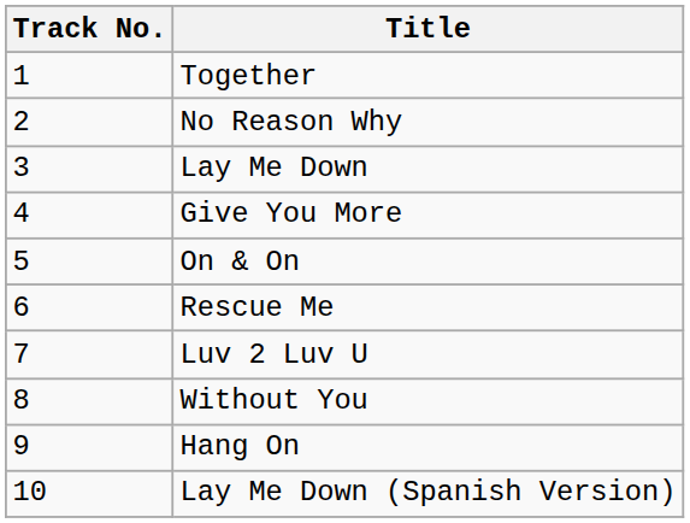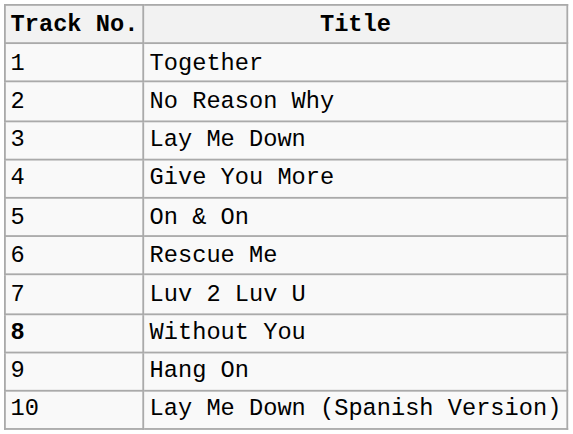 <table class="wikitable">
 <tr>
 <th>Track No.</th>
 <th>Title</th>
 </tr>
 <tr>
 <td>1</td>
 <td>Together</td>
 </tr>
 <tr>
 <td>2</td>
 <td>No Reason Why</td>
 </tr>
 <tr>
 <td>3</td>
 <td>Lay Me Down</td>
 </tr>
 <tr>
 <td>4</td>
 <td>Give You More</td>
 </tr>
 <tr>
 <td>5</td>
 <td>On & On</td>
 </tr>
 <tr>
 <td>6</td>
 <td>Rescue Me</td>
 </tr>
 <tr>
 <td>7</td>
 <td>Luv 2 Luv U</td>
 </tr>
 <tr>
-<td>8</td>
+<td><strong>8</strong></td>
 <td>Without You</td>
 </tr>
 <tr>
 <td>9</td>
 <td>Hang On</td>
 </tr>
 <tr>
 <td>10</td>
 <td>Lay Me Down (Spanish Version)</td>
 </tr>
 </table>
